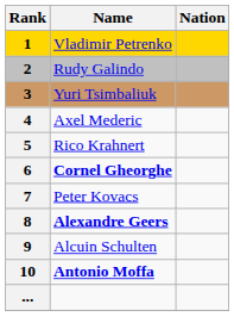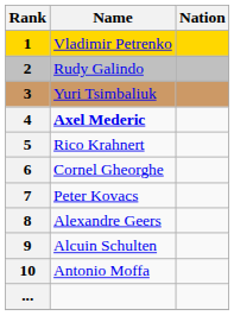 <table class="wikitable">
 <tr>
 <th>Rank</th>
 <th>Name</th>
 <th>Nation</th>
 </tr>
 <tr bgcolor="gold">
 <td align="center"><strong>1</strong></td>
 <td><a href='#'>Vladimir Petrenko</a></td>
 <td></td>
 </tr>
 <tr bgcolor="silver">
 <td align="center"><strong>2</strong></td>
 <td><a href='#'>Rudy Galindo</a></td>
 <td></td>
 </tr>
 <tr bgcolor="cc9966">
 <td align="center"><strong>3</strong></td>
 <td><a href='#'>Yuri Tsimbaliuk</a></td>
 <td></td>
 </tr>
 <tr>
 <th>4</th>
-<td><a href='#'>Axel Mederic</a></td>
+<td><strong><a href='#'>Axel Mederic</a></strong></td>
 <td></td>
 </tr>
 <tr>
 <th>5</th>
 <td><a href='#'>Rico Krahnert</a></td>
 <td></td>
 </tr>
 <tr>
 <th>6</th>
-<td><strong><a href='#'>Cornel Gheorghe</a></strong></td>
+<td><a href='#'>Cornel Gheorghe</a></td>
 <td></td>
 </tr>
 <tr>
 <th>7</th>
 <td><a href='#'>Peter Kovacs</a></td>
 <td></td>
 </tr>
 <tr>
 <th>8</th>
-<td><strong><a href='#'>Alexandre Geers</a></strong></td>
+<td><a href='#'>Alexandre Geers</a></td>
 <td></td>
 </tr>
 <tr>
 <th>9</th>
 <td><a href='#'>Alcuin Schulten</a></td>
 <td></td>
 </tr>
 <tr>
 <th>10</th>
-<td><strong><a href='#'>Antonio Moffa</a></strong></td>
+<td><a href='#'>Antonio Moffa</a></td>
 <td></td>
 </tr>
 <tr>
 <th>...</th>
 <td></td>
 <td></td>
 </tr>
 <tr>
 </tr>
 </table>
